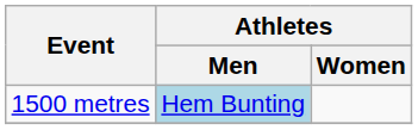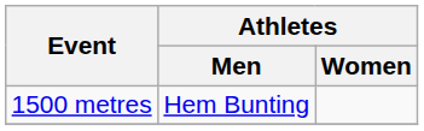 <table class=wikitable style="font-size:90%">
 <tr>
 <th rowspan=2>Event</th>
 <th colspan=2>Athletes</th>
 </tr>
 <tr>
 <th>Men</th>
 <th>Women</th>
 </tr>
 <tr>
 <td><a href='#'>1500 metres</a></td>
-<td style="background: lightblue;"><a href='#'>Hem Bunting</a></td>
+<td><a href='#'>Hem Bunting</a></td>
 <td></td>
 </tr>
 <tr>
 </tr>
 </table>
